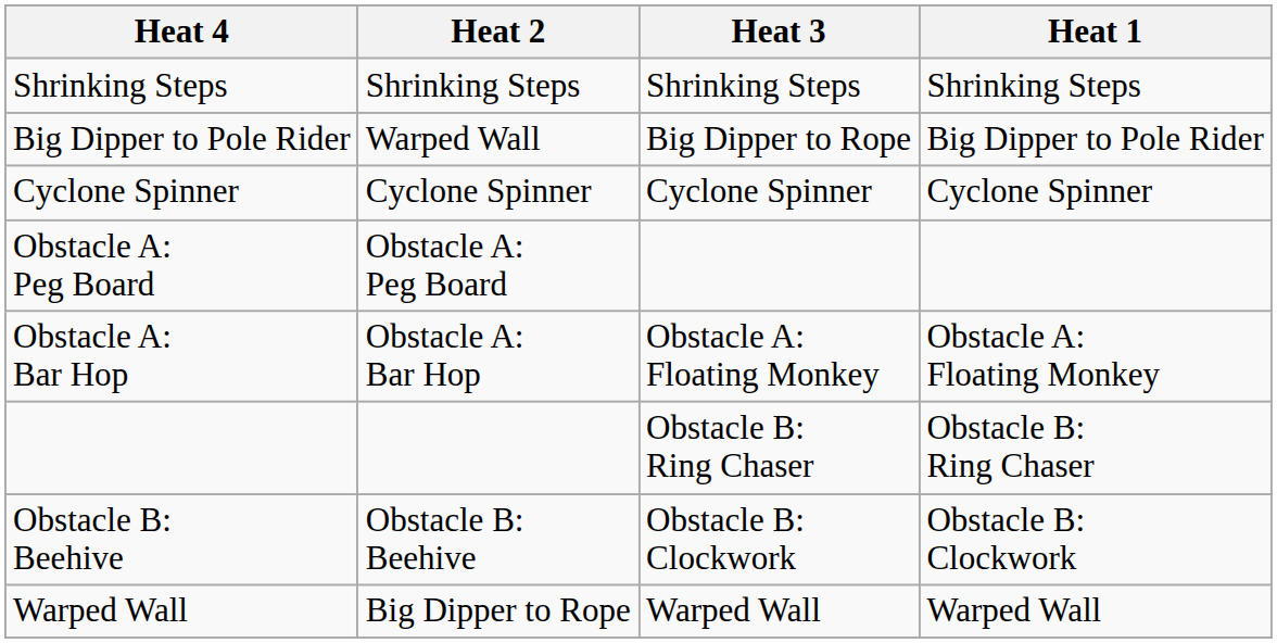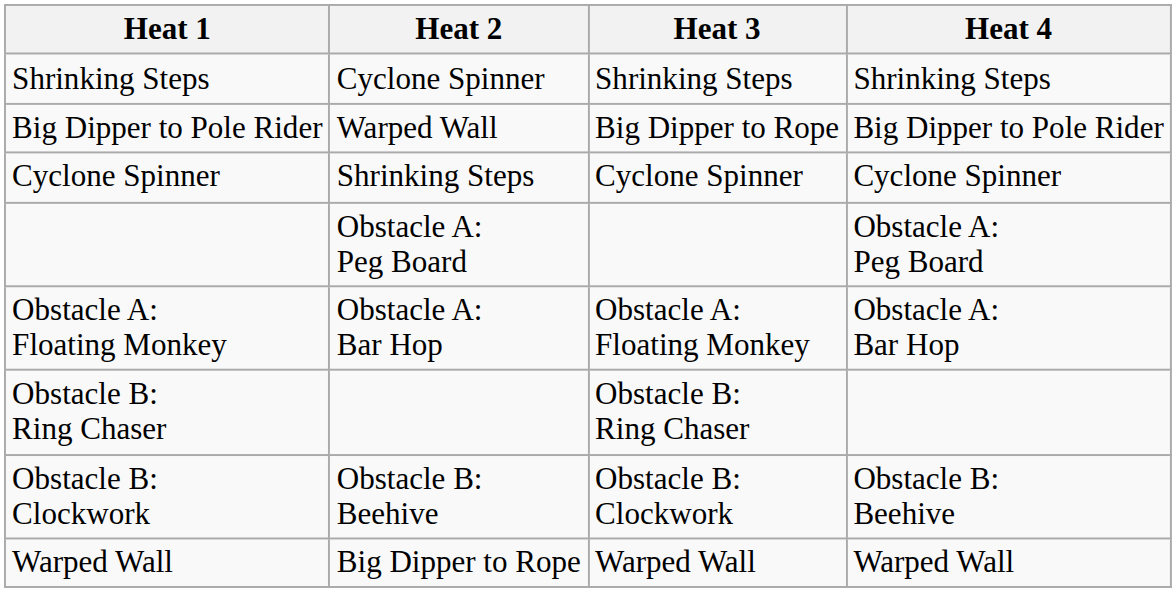 <table class="wikitable">
 <tr>
-<th>Heat 4</th>
+<th>Heat 1</th>
 <th>Heat 2</th>
 <th>Heat 3</th>
-<th>Heat 1</th>
+<th>Heat 4</th>
 </tr>
 <tr>
 <td>Shrinking Steps</td>
-<td>Shrinking Steps</td>
+<td>Cyclone Spinner</td>
 <td>Shrinking Steps</td>
 <td>Shrinking Steps</td>
 </tr>
 <tr>
 <td>Big Dipper to Pole Rider</td>
 <td>Warped Wall</td>
 <td>Big Dipper to Rope</td>
 <td>Big Dipper to Pole Rider</td>
 </tr>
 <tr>
 <td>Cyclone Spinner</td>
-<td>Cyclone Spinner</td>
+<td>Shrinking Steps</td>
 <td>Cyclone Spinner</td>
 <td>Cyclone Spinner</td>
 </tr>
 <tr>
-<td>Obstacle A:<br>Peg Board</td>
+<td></td>
 <td>Obstacle A:<br>Peg Board</td>
 <td></td>
+<td>Obstacle A:<br>Peg Board</td>
+</tr>
+<tr>
+<td>Obstacle A:<br>Floating Monkey</td>
+<td>Obstacle A:<br>Bar Hop</td>
+<td>Obstacle A:<br>Floating Monkey</td>
+<td>Obstacle A:<br>Bar Hop</td>
+</tr>
+<tr>
+<td>Obstacle B:<br>Ring Chaser</td>
+<td></td>
+<td>Obstacle B:<br>Ring Chaser</td>
 <td></td>
 </tr>
 <tr>
-<td>Obstacle A:<br>Bar Hop</td>
-<td>Obstacle A:<br>Bar Hop</td>
-<td>Obstacle A:<br>Floating Monkey</td>
-<td>Obstacle A:<br>Floating Monkey</td>
-</tr>
-<tr>
-<td></td>
-<td></td>
-<td>Obstacle B:<br>Ring Chaser</td>
-<td>Obstacle B:<br>Ring Chaser</td>
-</tr>
-<tr>
-<td>Obstacle B:<br>Beehive</td>
+<td>Obstacle B:<br>Clockwork</td>
 <td>Obstacle B:<br>Beehive</td>
 <td>Obstacle B:<br>Clockwork</td>
-<td>Obstacle B:<br>Clockwork</td>
+<td>Obstacle B:<br>Beehive</td>
 </tr>
 <tr>
 <td>Warped Wall</td>
 <td>Big Dipper to Rope</td>
 <td>Warped Wall</td>
 <td>Warped Wall</td>
 </tr>
 </table>
